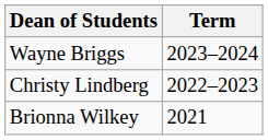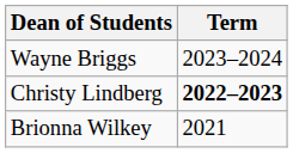 <table class="wikitable">
 <tr>
 <th>Dean of Students</th>
 <th>Term</th>
 </tr>
 <tr>
 <td>Wayne Briggs</td>
 <td>2023–2024</td>
 </tr>
 <tr>
 <td>Christy Lindberg</td>
-<td>2022–2023</td>
+<td><strong>2022–2023</strong></td>
 </tr>
 <tr>
 <td>Brionna Wilkey</td>
 <td>2021</td>
 </tr>
 </table>
